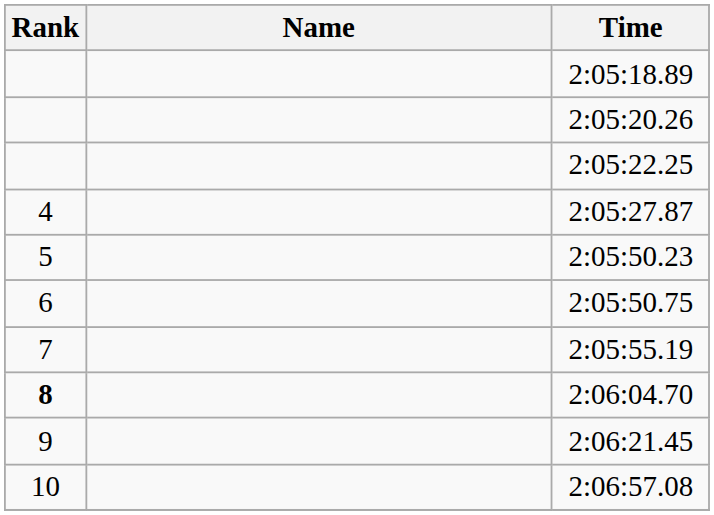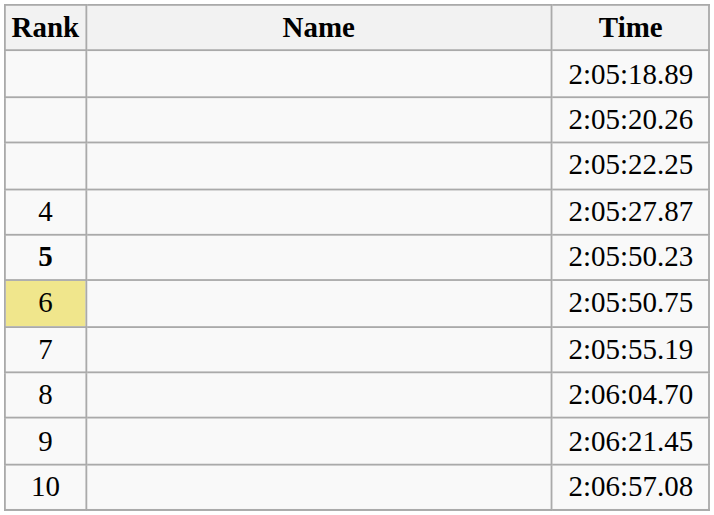 <table class="wikitable" style="text-align:center">
 <tr>
 <th>Rank</th>
 <th width=250>Name</th>
 <th width=80>Time</th>
 </tr>
 <tr>
 <td></td>
 <td align=left></td>
 <td>2:05:18.89</td>
 </tr>
 <tr>
 <td></td>
 <td align=left></td>
 <td>2:05:20.26</td>
 </tr>
 <tr>
 <td></td>
 <td align=left></td>
 <td>2:05:22.25</td>
 </tr>
 <tr>
 <td>4</td>
 <td align=left></td>
 <td>2:05:27.87</td>
 </tr>
 <tr>
-<td>5</td>
+<td><strong>5</strong></td>
 <td align=left></td>
 <td>2:05:50.23</td>
 </tr>
 <tr>
-<td>6</td>
+<td style="background: khaki;">6</td>
 <td align=left></td>
 <td>2:05:50.75</td>
 </tr>
 <tr>
 <td>7</td>
 <td align=left></td>
 <td>2:05:55.19</td>
 </tr>
 <tr>
-<td><strong>8</strong></td>
+<td>8</td>
 <td align=left></td>
 <td>2:06:04.70</td>
 </tr>
 <tr>
 <td>9</td>
 <td align=left></td>
 <td>2:06:21.45</td>
 </tr>
 <tr>
 <td>10</td>
 <td align=left></td>
 <td>2:06:57.08</td>
 </tr>
 <tr>
 </tr>
 </table>
